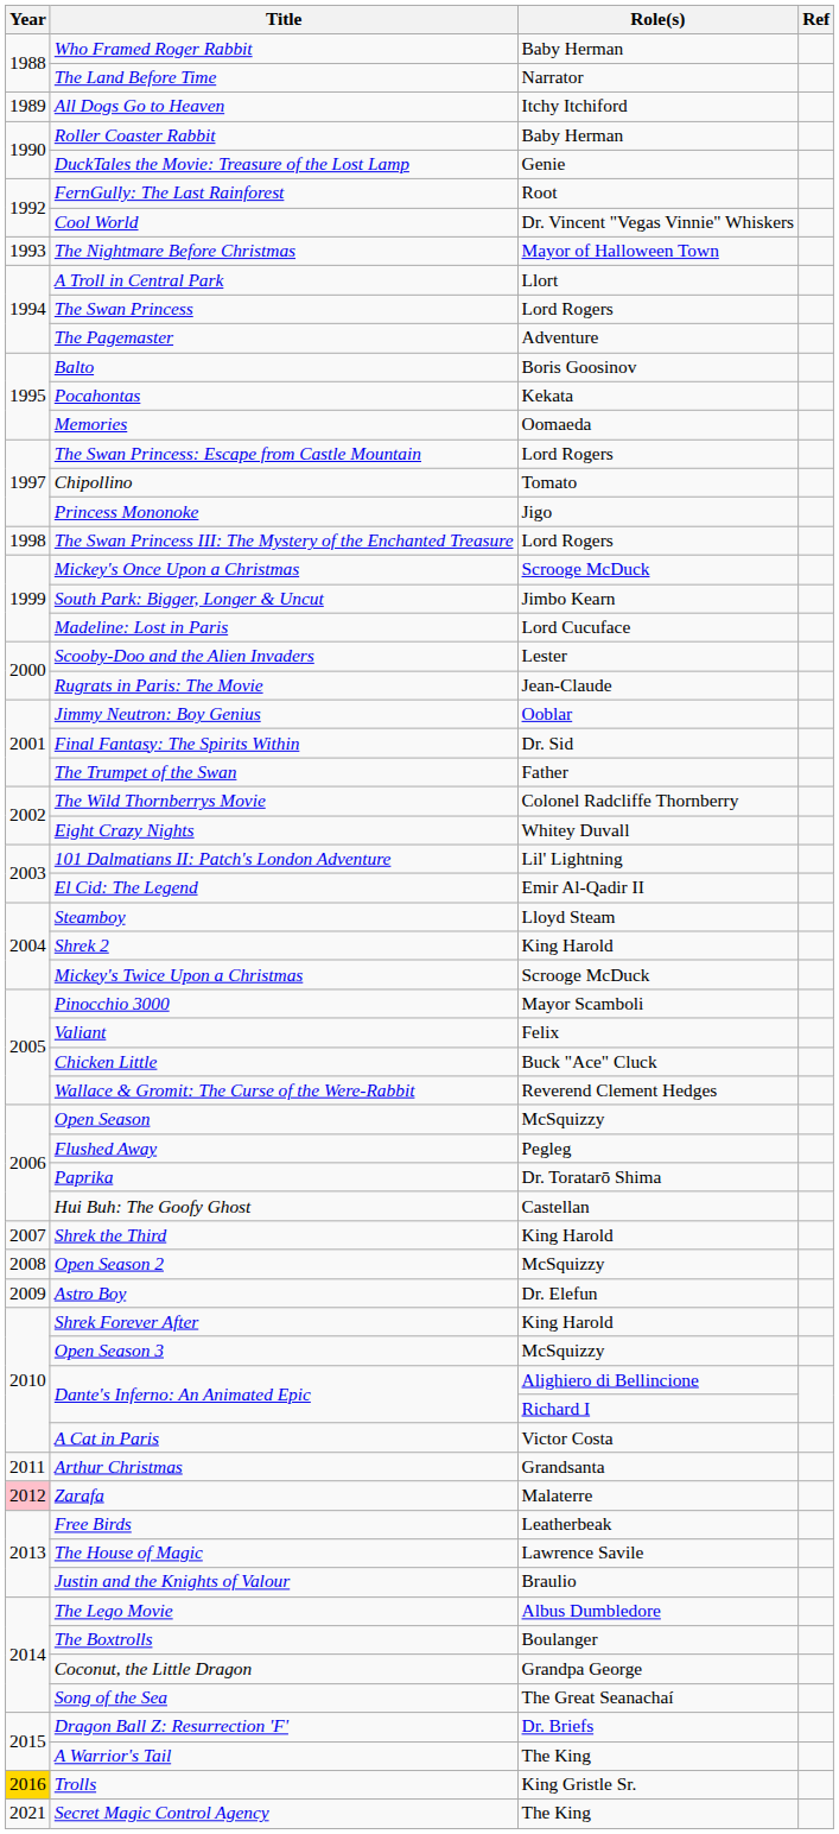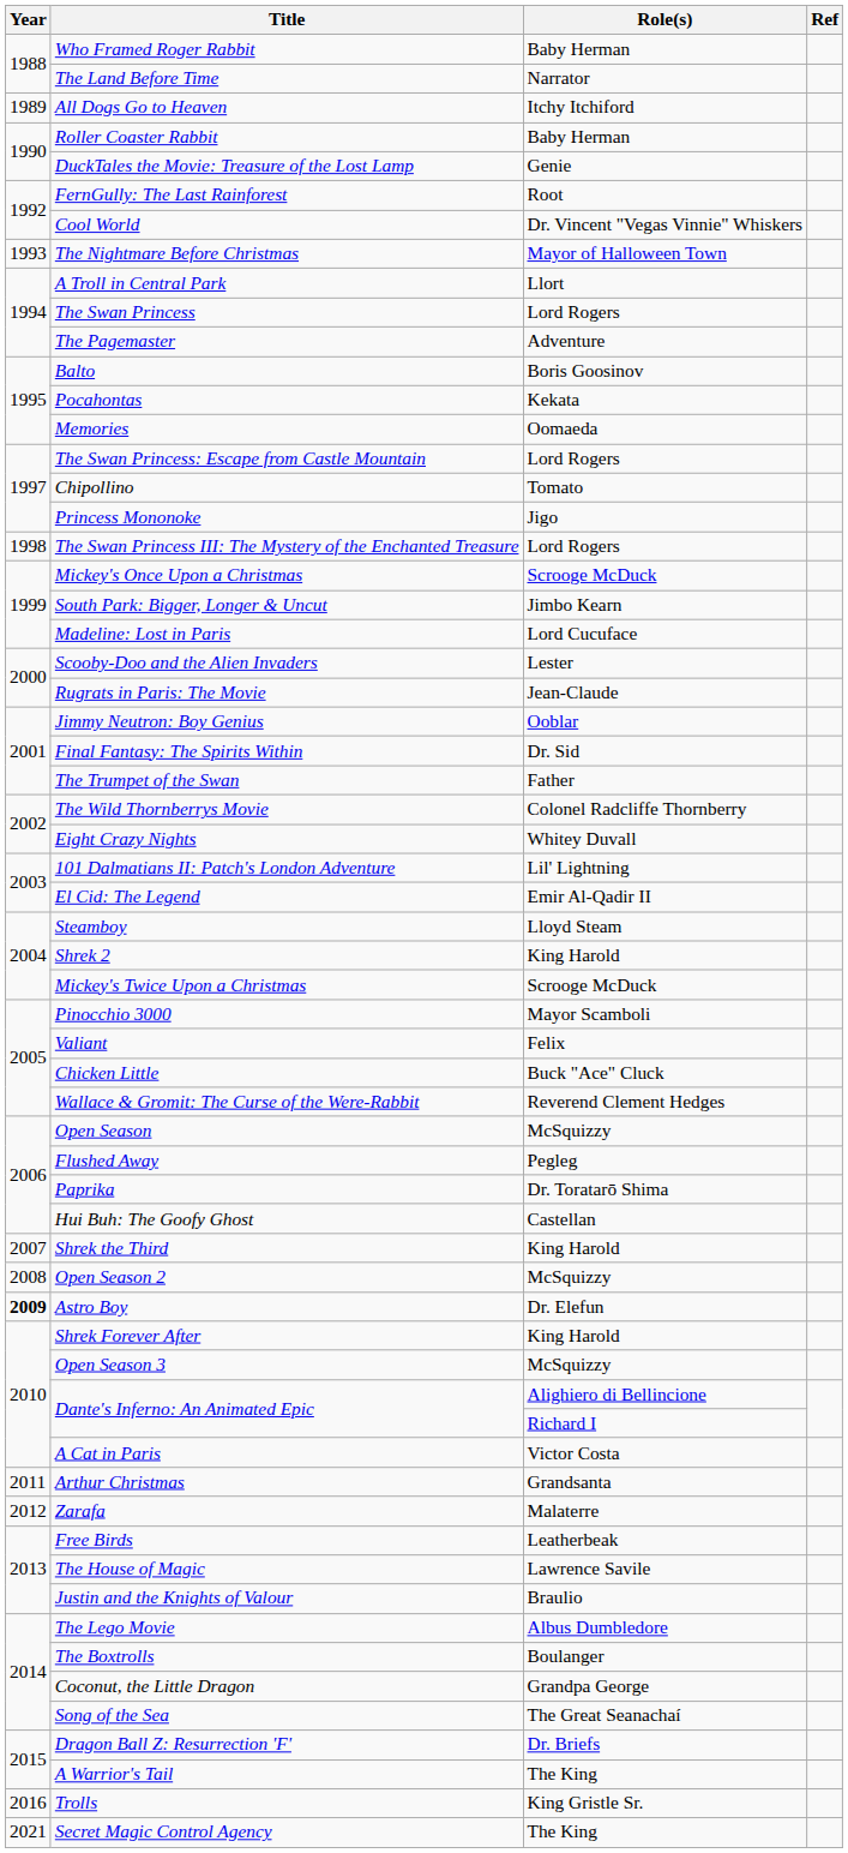 <table class="wikitable plainrowheaders sortable">
 <tr>
 <th scope="col">Year</th>
 <th scope="col">Title</th>
 <th scope="col">Role(s)</th>
 <th scope="col" class="unsortable">Ref</th>
 </tr>
 <tr>
 <td rowspan=2>1988</td>
 <td><em><a href='#'>Who Framed Roger Rabbit</a></em></td>
 <td>Baby Herman</td>
 <td></td>
 </tr>
 <tr>
 <td><em><a href='#'>The Land Before Time</a></em></td>
 <td>Narrator</td>
 <td></td>
 </tr>
 <tr>
 <td>1989</td>
 <td><em><a href='#'>All Dogs Go to Heaven</a></em></td>
 <td>Itchy Itchiford</td>
 <td></td>
 </tr>
 <tr>
 <td rowspan=2>1990</td>
 <td><em><a href='#'>Roller Coaster Rabbit</a></em></td>
 <td>Baby Herman</td>
 <td></td>
 </tr>
 <tr>
 <td><em><a href='#'>DuckTales the Movie: Treasure of the Lost Lamp</a></em></td>
 <td>Genie</td>
 <td></td>
 </tr>
 <tr>
 <td rowspan=2>1992</td>
 <td><em><a href='#'>FernGully: The Last Rainforest</a></em></td>
 <td>Root</td>
 <td></td>
 </tr>
 <tr>
 <td><em><a href='#'>Cool World</a></em></td>
 <td>Dr. Vincent "Vegas Vinnie" Whiskers</td>
 <td></td>
 </tr>
 <tr>
 <td>1993</td>
 <td><em><a href='#'>The Nightmare Before Christmas</a></em></td>
 <td><a href='#'>Mayor of Halloween Town</a></td>
 <td></td>
 </tr>
 <tr>
 <td rowspan=3>1994</td>
 <td><em><a href='#'>A Troll in Central Park</a></em></td>
 <td>Llort</td>
 <td></td>
 </tr>
 <tr>
 <td><em><a href='#'>The Swan Princess</a></em></td>
 <td>Lord Rogers</td>
 <td></td>
 </tr>
 <tr>
 <td><em><a href='#'>The Pagemaster</a></em></td>
 <td>Adventure</td>
 <td></td>
 </tr>
 <tr>
 <td rowspan=3>1995</td>
 <td><em><a href='#'>Balto</a></em></td>
 <td>Boris Goosinov</td>
 <td></td>
 </tr>
 <tr>
 <td><em><a href='#'>Pocahontas</a></em></td>
 <td>Kekata</td>
 <td></td>
 </tr>
 <tr>
 <td><em><a href='#'>Memories</a></em></td>
 <td>Oomaeda</td>
 <td></td>
 </tr>
 <tr>
 <td rowspan=3>1997</td>
 <td><em><a href='#'>The Swan Princess: Escape from Castle Mountain</a></em></td>
 <td>Lord Rogers</td>
 <td></td>
 </tr>
 <tr>
 <td><em>Chipollino</em></td>
 <td>Tomato</td>
 <td></td>
 </tr>
 <tr>
 <td><em><a href='#'>Princess Mononoke</a></em></td>
 <td>Jigo</td>
 <td></td>
 </tr>
 <tr>
 <td>1998</td>
 <td><em><a href='#'>The Swan Princess III: The Mystery of the Enchanted Treasure</a></em></td>
 <td>Lord Rogers</td>
 <td></td>
 </tr>
 <tr>
 <td rowspan=3>1999</td>
 <td><em><a href='#'>Mickey's Once Upon a Christmas</a></em></td>
 <td><a href='#'>Scrooge McDuck</a></td>
 <td></td>
 </tr>
 <tr>
 <td><em><a href='#'>South Park: Bigger, Longer & Uncut</a></em></td>
 <td>Jimbo Kearn</td>
 <td></td>
 </tr>
 <tr>
 <td><em><a href='#'>Madeline: Lost in Paris</a></em></td>
 <td>Lord Cucuface</td>
 <td></td>
 </tr>
 <tr>
 <td rowspan=2>2000</td>
 <td><em><a href='#'>Scooby-Doo and the Alien Invaders</a></em></td>
 <td>Lester</td>
 <td></td>
 </tr>
 <tr>
 <td><em><a href='#'>Rugrats in Paris: The Movie</a></em></td>
 <td>Jean-Claude</td>
 <td></td>
 </tr>
 <tr>
 <td rowspan=3>2001</td>
 <td><em><a href='#'>Jimmy Neutron: Boy Genius</a></em></td>
 <td><a href='#'>Ooblar</a></td>
 <td></td>
 </tr>
 <tr>
 <td><em><a href='#'>Final Fantasy: The Spirits Within</a></em></td>
 <td>Dr. Sid</td>
 <td></td>
 </tr>
 <tr>
 <td><em><a href='#'>The Trumpet of the Swan</a></em></td>
 <td>Father</td>
 <td></td>
 </tr>
 <tr>
 <td rowspan=2>2002</td>
 <td><em><a href='#'>The Wild Thornberrys Movie</a></em></td>
 <td>Colonel Radcliffe Thornberry</td>
 <td></td>
 </tr>
 <tr>
 <td><em><a href='#'>Eight Crazy Nights</a></em></td>
 <td>Whitey Duvall</td>
 <td></td>
 </tr>
 <tr>
 <td rowspan=2>2003</td>
 <td><em><a href='#'>101 Dalmatians II: Patch's London Adventure</a></em></td>
 <td>Lil' Lightning</td>
 <td></td>
 </tr>
 <tr>
 <td><em><a href='#'>El Cid: The Legend</a></em></td>
 <td>Emir Al-Qadir II</td>
 <td></td>
 </tr>
 <tr>
 <td rowspan=3>2004</td>
 <td><em><a href='#'>Steamboy</a></em></td>
 <td>Lloyd Steam</td>
 <td></td>
 </tr>
 <tr>
 <td><em><a href='#'>Shrek 2</a></em></td>
 <td>King Harold</td>
 <td></td>
 </tr>
 <tr>
 <td><em><a href='#'>Mickey's Twice Upon a Christmas</a></em></td>
 <td>Scrooge McDuck</td>
 <td></td>
 </tr>
 <tr>
 <td rowspan=4>2005</td>
 <td><em><a href='#'>Pinocchio 3000</a></em></td>
 <td>Mayor Scamboli</td>
 <td></td>
 </tr>
 <tr>
 <td><em><a href='#'>Valiant</a></em></td>
 <td>Felix</td>
 <td></td>
 </tr>
 <tr>
 <td><em><a href='#'>Chicken Little</a></em></td>
 <td>Buck "Ace" Cluck</td>
 <td></td>
 </tr>
 <tr>
 <td><em><a href='#'>Wallace & Gromit: The Curse of the Were-Rabbit</a></em></td>
 <td>Reverend Clement Hedges</td>
 <td></td>
 </tr>
 <tr>
 <td rowspan=4>2006</td>
 <td><em><a href='#'>Open Season</a></em></td>
 <td>McSquizzy</td>
 <td></td>
 </tr>
 <tr>
 <td><em><a href='#'>Flushed Away</a></em></td>
 <td>Pegleg</td>
 <td></td>
 </tr>
 <tr>
 <td><em><a href='#'>Paprika</a></em></td>
 <td>Dr. Toratarō Shima</td>
 <td></td>
 </tr>
 <tr>
 <td><em>Hui Buh: The Goofy Ghost</em></td>
 <td>Castellan</td>
 <td></td>
 </tr>
 <tr>
 <td>2007</td>
 <td><em><a href='#'>Shrek the Third</a></em></td>
 <td>King Harold</td>
 <td></td>
 </tr>
 <tr>
 <td>2008</td>
 <td><em><a href='#'>Open Season 2</a></em></td>
 <td>McSquizzy</td>
 <td></td>
 </tr>
 <tr>
-<td>2009</td>
+<td><strong>2009</strong></td>
 <td><em><a href='#'>Astro Boy</a></em></td>
 <td>Dr. Elefun</td>
 <td></td>
 </tr>
 <tr>
 <td rowspan=5>2010</td>
 <td><em><a href='#'>Shrek Forever After</a></em></td>
 <td>King Harold</td>
 <td></td>
 </tr>
 <tr>
 <td><em><a href='#'>Open Season 3</a></em></td>
 <td>McSquizzy</td>
 <td></td>
 </tr>
 <tr>
 <td rowspan=2><em><a href='#'>Dante's Inferno: An Animated Epic</a></em></td>
 <td><a href='#'>Alighiero di Bellincione</a></td>
 <td rowspan=2></td>
 </tr>
 <tr>
 <td><a href='#'>Richard I</a></td>
 </tr>
 <tr>
 <td><em><a href='#'>A Cat in Paris</a></em></td>
 <td>Victor Costa</td>
 <td></td>
 </tr>
 <tr>
 <td>2011</td>
 <td><em><a href='#'>Arthur Christmas</a></em></td>
 <td>Grandsanta</td>
 <td></td>
 </tr>
 <tr>
-<td style="background: pink;">2012</td>
+<td>2012</td>
 <td><em><a href='#'>Zarafa</a></em></td>
 <td>Malaterre</td>
 <td></td>
 </tr>
 <tr>
 <td rowspan=3>2013</td>
 <td><em><a href='#'>Free Birds</a></em></td>
 <td>Leatherbeak</td>
 <td></td>
 </tr>
 <tr>
 <td><em><a href='#'>The House of Magic</a></em></td>
 <td>Lawrence Savile</td>
 <td></td>
 </tr>
 <tr>
 <td><em><a href='#'>Justin and the Knights of Valour</a></em></td>
 <td>Braulio</td>
 <td></td>
 </tr>
 <tr>
 <td rowspan=4>2014</td>
 <td><em><a href='#'>The Lego Movie</a></em></td>
 <td><a href='#'>Albus Dumbledore</a></td>
 <td></td>
 </tr>
 <tr>
 <td><em><a href='#'>The Boxtrolls</a></em></td>
 <td>Boulanger</td>
 <td></td>
 </tr>
 <tr>
 <td><em>Coconut, the Little Dragon</em></td>
 <td>Grandpa George</td>
 <td></td>
 </tr>
 <tr>
 <td><em><a href='#'>Song of the Sea</a></em></td>
 <td>The Great Seanachaí</td>
 <td></td>
 </tr>
 <tr>
 <td rowspan=2>2015</td>
 <td><em><a href='#'>Dragon Ball Z: Resurrection 'F'</a></em></td>
 <td><a href='#'>Dr. Briefs</a></td>
 <td></td>
 </tr>
 <tr>
 <td><em><a href='#'>A Warrior's Tail</a></em></td>
 <td>The King</td>
 <td></td>
 </tr>
 <tr>
-<td style="background: gold;">2016</td>
+<td>2016</td>
 <td><em><a href='#'>Trolls</a></em></td>
 <td>King Gristle Sr.</td>
 <td></td>
 </tr>
 <tr>
 <td>2021</td>
 <td><em><a href='#'>Secret Magic Control Agency</a></em></td>
 <td>The King</td>
 <td></td>
 </tr>
 </table>
